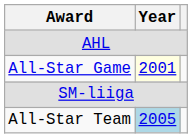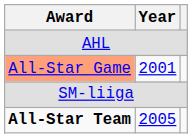 <table class="wikitable">
 <tr>
 <th>Award</th>
 <th>Year</th>
 <th></th>
 </tr>
 <tr ALIGN="center" bgcolor="#e0e0e0">
 <td colspan="3"><a href='#'>AHL</a></td>
 </tr>
 <tr>
-<td><a href='#'>All-Star Game</a></td>
-<td style="background: lightyellow;"><a href='#'>2001</a></td>
+<td style="background: lightsalmon;"><a href='#'>All-Star Game</a></td>
+<td><a href='#'>2001</a></td>
 <td></td>
 </tr>
 <tr ALIGN="center" bgcolor="#e0e0e0">
 <td colspan="3"><a href='#'>SM-liiga</a></td>
 </tr>
 <tr>
-<td>All-Star Team</td>
-<td style="background: lightblue;"><a href='#'>2005</a></td>
+<td><strong>All-Star Team</strong></td>
+<td><a href='#'>2005</a></td>
 <td></td>
 </tr>
 </table>
